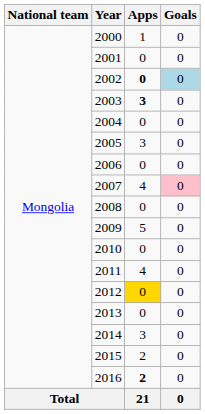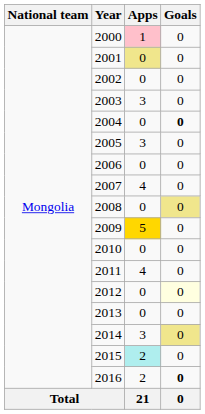 <table class="wikitable" style="text-align: center;">
 <tr>
 <th>National team</th>
 <th>Year</th>
 <th>Apps</th>
 <th>Goals</th>
 </tr>
 <tr>
 <td rowspan="17"><a href='#'>Mongolia</a></td>
 <td>2000</td>
-<td>1</td>
+<td style="background: pink;">1</td>
 <td>0</td>
 </tr>
 <tr>
 <td>2001</td>
+<td style="background: khaki;">0</td>
+<td>0</td>
+</tr>
+<tr>
+<td>2002</td>
 <td>0</td>
 <td>0</td>
 </tr>
 <tr>
-<td>2002</td>
-<td><strong>0</strong></td>
-<td style="background: lightblue;">0</td>
-</tr>
-<tr>
 <td>2003</td>
-<td><strong>3</strong></td>
+<td>3</td>
 <td>0</td>
 </tr>
 <tr>
 <td>2004</td>
 <td>0</td>
-<td>0</td>
+<td><strong>0</strong></td>
 </tr>
 <tr>
 <td>2005</td>
 <td>3</td>
 <td>0</td>
 </tr>
 <tr>
 <td>2006</td>
 <td>0</td>
 <td>0</td>
 </tr>
 <tr>
 <td>2007</td>
 <td>4</td>
-<td style="background: pink;">0</td>
+<td>0</td>
 </tr>
 <tr>
 <td>2008</td>
 <td>0</td>
-<td>0</td>
+<td style="background: khaki;">0</td>
 </tr>
 <tr>
 <td>2009</td>
-<td>5</td>
+<td style="background: gold;">5</td>
 <td>0</td>
 </tr>
 <tr>
 <td>2010</td>
 <td>0</td>
 <td>0</td>
 </tr>
 <tr>
 <td>2011</td>
 <td>4</td>
 <td>0</td>
 </tr>
 <tr>
 <td>2012</td>
-<td style="background: gold;">0</td>
 <td>0</td>
+<td style="background: lightyellow;">0</td>
 </tr>
 <tr>
 <td>2013</td>
 <td>0</td>
 <td>0</td>
 </tr>
 <tr>
 <td>2014</td>
 <td>3</td>
-<td>0</td>
+<td style="background: khaki;">0</td>
 </tr>
 <tr>
 <td>2015</td>
-<td>2</td>
+<td style="background: paleturquoise;">2</td>
 <td>0</td>
 </tr>
 <tr>
 <td>2016</td>
-<td><strong>2</strong></td>
-<td>0</td>
+<td>2</td>
+<td><strong>0</strong></td>
 </tr>
 <tr>
 <th colspan="2">Total</th>
 <th>21</th>
 <th>0</th>
 </tr>
 </table>
